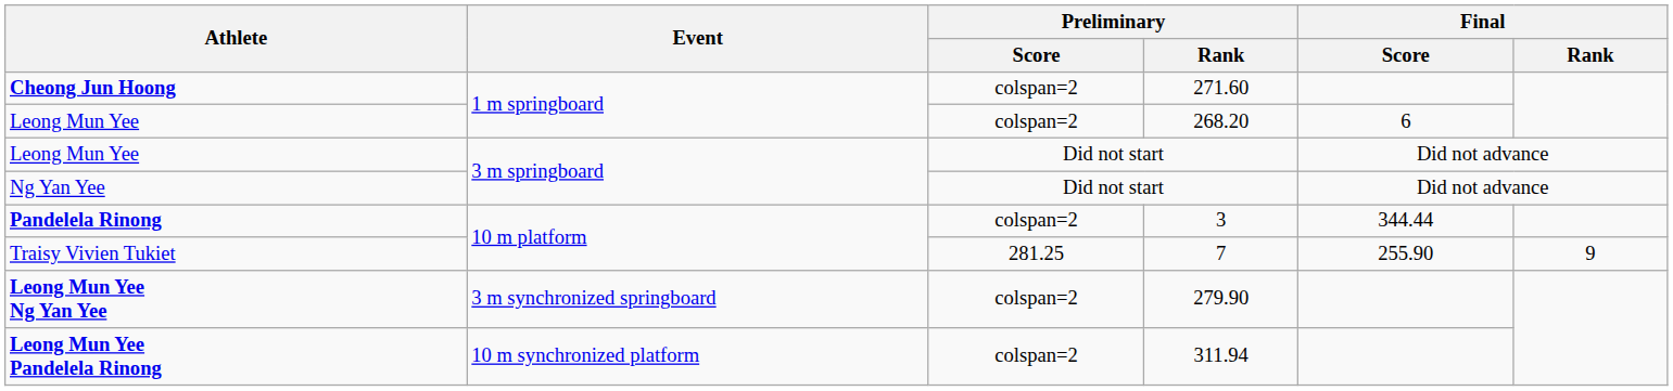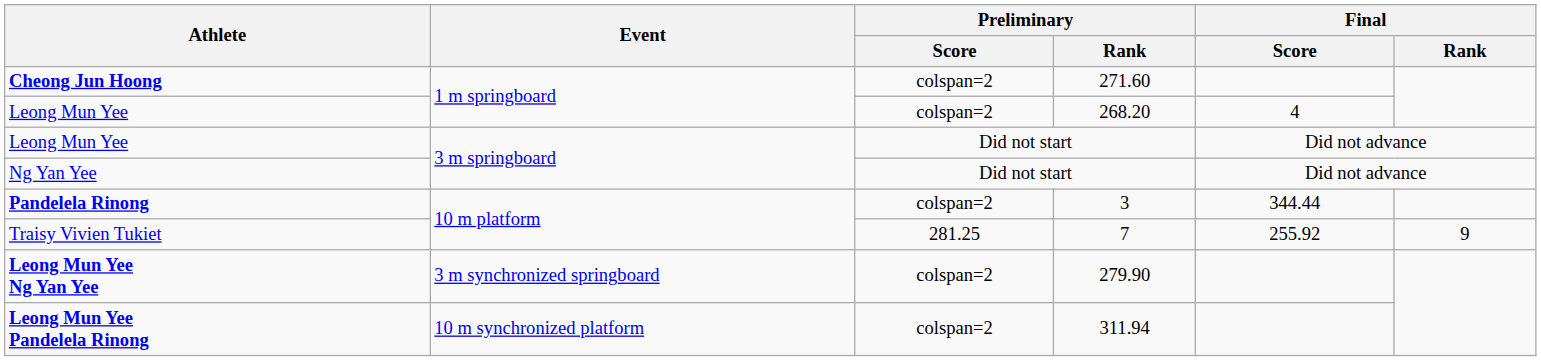 <table class="wikitable" width="75%" style="text-align:center; font-size:90%;">
 <tr>
 <th rowspan="2" width="15%">Athlete</th>
 <th rowspan="2" width="15%">Event</th>
 <th colspan="2" width="12%">Preliminary</th>
 <th colspan="2" width="12%">Final</th>
 </tr>
 <tr>
 <th width="7%">Score</th>
 <th>Rank</th>
 <th width="7%">Score</th>
 <th>Rank</th>
 </tr>
 <tr>
 <td align=left><strong><a href='#'>Cheong Jun Hoong</a></strong></td>
 <td align=left rowspan=2><a href='#'>1 m springboard</a></td>
 <td>colspan=2 </td>
 <td>271.60</td>
 <td></td>
 </tr>
 <tr>
 <td align=left><a href='#'>Leong Mun Yee</a></td>
 <td>colspan=2 </td>
 <td>268.20</td>
-<td>6</td>
+<td>4</td>
 </tr>
 <tr>
 <td align=left><a href='#'>Leong Mun Yee</a></td>
 <td align=left rowspan=2><a href='#'>3 m springboard</a></td>
 <td colspan=2>Did not start</td>
 <td colspan=2>Did not advance</td>
 </tr>
 <tr>
 <td align=left><a href='#'>Ng Yan Yee</a></td>
 <td colspan=2>Did not start</td>
 <td colspan=2>Did not advance</td>
 </tr>
 <tr>
 <td align=left><strong><a href='#'>Pandelela Rinong</a></strong></td>
 <td align=left rowspan=2><a href='#'>10 m platform</a></td>
 <td>colspan=2 </td>
 <td>3 <strong></strong></td>
 <td>344.44</td>
 <td></td>
 </tr>
 <tr>
 <td align=left><a href='#'>Traisy Vivien Tukiet</a></td>
 <td>281.25</td>
 <td>7 <strong></strong></td>
-<td>255.90</td>
+<td>255.92</td>
 <td>9</td>
 </tr>
 <tr>
 <td align=left><strong><a href='#'>Leong Mun Yee</a><br><a href='#'>Ng Yan Yee</a></strong></td>
 <td align=left><a href='#'>3 m synchronized springboard</a></td>
 <td>colspan=2 </td>
 <td>279.90</td>
 <td></td>
 </tr>
 <tr>
 <td align=left><strong><a href='#'>Leong Mun Yee</a><br><a href='#'>Pandelela Rinong</a></strong></td>
 <td align=left><a href='#'>10 m synchronized platform</a></td>
 <td>colspan=2 </td>
 <td>311.94</td>
 <td></td>
 </tr>
 </table>
